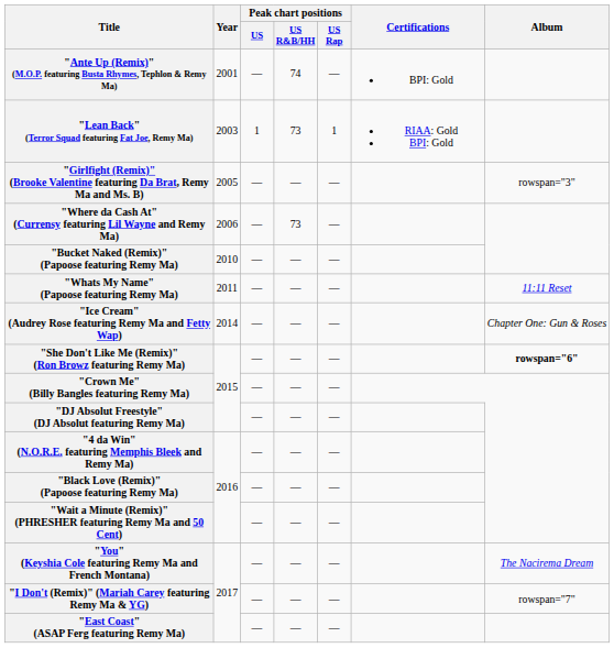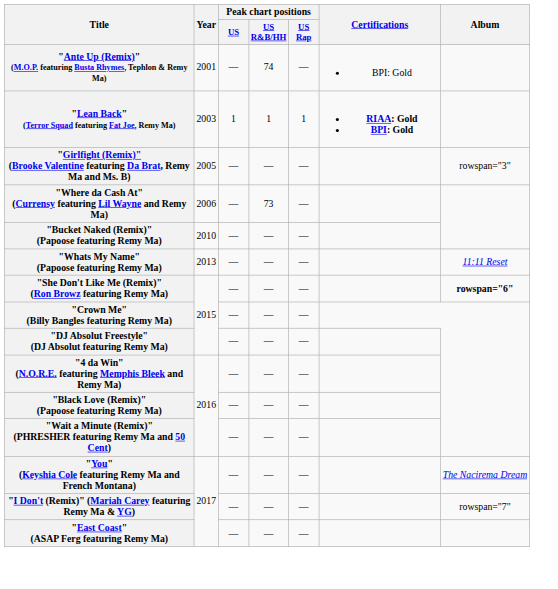 <table class="wikitable plainrowheaders" style="text-align:center;">
 <tr>
 <th scope="col" rowspan="2" style="width:19em;">Title</th>
 <th scope="col" rowspan="2">Year</th>
 <th scope="col" colspan="3">Peak chart positions</th>
 <th scope="col" rowspan="2" style="width:12em;"><a href='#'>Certifications</a></th>
 <th scope="col" rowspan="2">Album</th>
 </tr>
 <tr>
 <th scope="col" style="width:3em;font-size:90%;"><a href='#'>US</a></th>
 <th scope="col" style="width:3em;font-size:90%;"><a href='#'>US<br>R&B/HH</a></th>
 <th scope="col" style="width:3em;font-size:90%;"><a href='#'>US<br>Rap</a></th>
 </tr>
 <tr>
 <th scope="row">"<a href='#'>Ante Up (Remix)</a>"<br><small>(<a href='#'>M.O.P.</a> featuring <a href='#'>Busta Rhymes</a>, Tephlon & Remy Ma)</small></th>
 <td>2001</td>
 <td>—</td>
 <td>74</td>
 <td>—</td>
 <td><br><ul><li>BPI: Gold </li></ul></td>
 <td></td>
 </tr>
 <tr>
 <th scope="row">"<a href='#'>Lean Back</a>"<br><small>(<a href='#'>Terror Squad</a> featuring <a href='#'>Fat Joe</a>, Remy Ma)</small></th>
 <td>2003</td>
 <td>1</td>
-<td>73</td>
 <td>1</td>
-<td><br><ul><li><a href='#'>RIAA</a>: Gold</li><li><a href='#'>BPI</a>: Gold</li></ul></td>
+<td>1</td>
+<td><strong><br><ul><li><a href='#'>RIAA</a>: Gold</li><li><a href='#'>BPI</a>: Gold</li></ul></strong></td>
 <td></td>
 </tr>
 <tr>
 <th scope="row">"<a href='#'>Girlfight (Remix)"</a><br><span>(<a href='#'>Brooke Valentine</a> featuring <a href='#'>Da Brat</a>, Remy Ma and Ms. B)</span></th>
 <td>2005</td>
 <td>—</td>
 <td>—</td>
 <td>—</td>
 <td></td>
 <td>rowspan="3"  </td>
 </tr>
 <tr>
 <th scope="row">"Where da Cash At"<br><span>(<a href='#'>Currensy</a> featuring <a href='#'>Lil Wayne</a> and Remy Ma)</span></th>
 <td>2006</td>
 <td>—</td>
 <td>73</td>
 <td>—</td>
 <td></td>
 </tr>
 <tr>
 <th scope="row">"Bucket Naked (Remix)"<br><span>(Papoose featuring Remy Ma)</span></th>
 <td>2010</td>
 <td>—</td>
 <td>—</td>
 <td>—</td>
 <td></td>
 </tr>
 <tr>
 <th scope="row">"Whats My Name"<br><span>(Papoose featuring Remy Ma)</span></th>
-<td>2011</td>
+<td>2013</td>
 <td>—</td>
 <td>—</td>
 <td>—</td>
 <td></td>
 <td><em><a href='#'>11:11 Reset</a></em></td>
-</tr>
-<tr>
-<th scope="row">"Ice Cream"<br><span>(Audrey Rose featuring Remy Ma and <a href='#'>Fetty Wap</a>)</span></th>
-<td>2014</td>
-<td>—</td>
-<td>—</td>
-<td>—</td>
-<td></td>
-<td><em>Chapter One: Gun & Roses</em></td>
 </tr>
 <tr>
 <th scope="row">"She Don't Like Me (Remix)"<br><span>(<a href='#'>Ron Browz</a> featuring Remy Ma)</span></th>
 <td rowspan="3">2015</td>
 <td>—</td>
 <td>—</td>
 <td>—</td>
 <td></td>
 <td><strong>rowspan="6" </strong></td>
 </tr>
 <tr>
 <th scope="row">"Crown Me"<br><span>(Billy Bangles featuring Remy Ma)</span></th>
 <td>—</td>
 <td>—</td>
 <td>—</td>
 </tr>
 <tr>
 <th scope="row">"DJ Absolut Freestyle"<br><span>(DJ Absolut featuring Remy Ma)</span></th>
 <td>—</td>
 <td>—</td>
 <td>—</td>
 <td></td>
 </tr>
 <tr>
 <th scope="row">"4 da Win"<br><span>(<a href='#'>N.O.R.E.</a> featuring <a href='#'>Memphis Bleek</a> and Remy Ma)</span></th>
 <td rowspan="3">2016</td>
 <td>—</td>
 <td>—</td>
 <td>—</td>
 <td></td>
 </tr>
 <tr>
 <th scope="row">"Black Love (Remix)"<br><span>(Papoose featuring Remy Ma)</span></th>
 <td>—</td>
 <td>—</td>
 <td>—</td>
 <td></td>
 </tr>
 <tr>
 <th scope="row">"Wait a Minute (Remix)"<br><span>(PHRESHER featuring Remy Ma and <a href='#'>50 Cent</a>)</span></th>
 <td>—</td>
 <td>—</td>
 <td>—</td>
 <td></td>
 </tr>
 <tr>
 <th scope="row">"<a href='#'>You</a>"<br><span>(<a href='#'>Keyshia Cole</a> featuring Remy Ma and French Montana)</span></th>
 <td rowspan="3">2017</td>
 <td>—</td>
 <td>—</td>
 <td>—</td>
 <td></td>
 <td><em><a href='#'>The Nacirema Dream</a></em></td>
 </tr>
 <tr>
 <th scope="row">"<a href='#'>I Don't</a> (Remix)"<span> (<a href='#'>Mariah Carey</a> featuring Remy Ma & <a href='#'>YG</a>)</span></th>
 <td>—</td>
 <td>—</td>
 <td>—</td>
 <td></td>
 <td>rowspan="7"  </td>
 </tr>
 <tr>
 <th scope="row">"<a href='#'>East Coast</a>"<br><span>(ASAP Ferg featuring Remy Ma)</span></th>
 <td>—</td>
 <td>—</td>
 <td>—</td>
 <td></td>
 </tr>
 </table>
